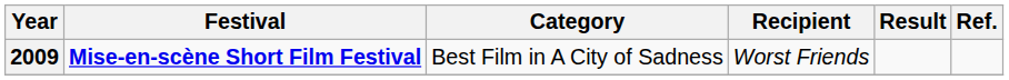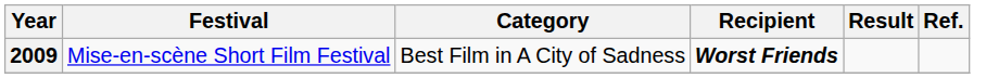 <table class="wikitable" style="text-align:center">
 <tr>
 <th>Year</th>
 <th>Festival</th>
 <th>Category</th>
 <th>Recipient</th>
 <th>Result</th>
 <th>Ref.</th>
 </tr>
 <tr>
 <th>2009</th>
-<td><strong><a href='#'>Mise-en-scène Short Film Festival</a></strong></td>
+<td><a href='#'>Mise-en-scène Short Film Festival</a></td>
 <td>Best Film in A City of Sadness</td>
-<td><em>Worst Friends</em></td>
+<td><strong><em>Worst Friends</em></strong></td>
 <td></td>
 <td></td>
 </tr>
 <tr>
 </tr>
 </table>
